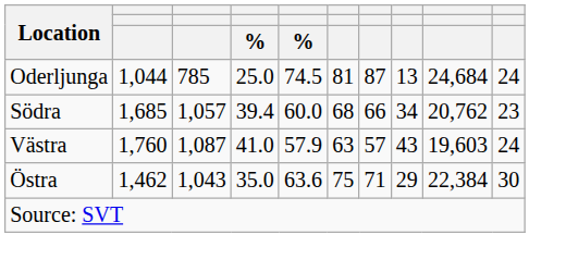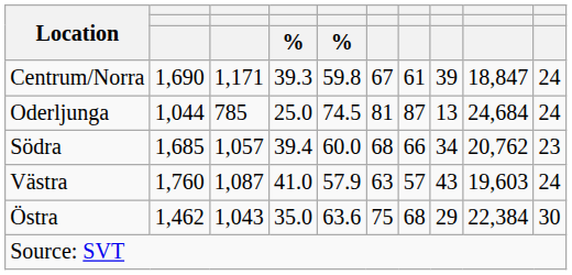 <table role="presentation" class="wikitable sortable mw-collapsible">
 <tr>
 <th rowspan="3">Location</th>
 <th></th>
 <th></th>
 <th></th>
 <th></th>
 <th></th>
 <th></th>
 <th></th>
 <th></th>
 <th></th>
 </tr>
 <tr>
 <th></th>
 <th></th>
 <th style="background:"></th>
 <th style="background:"></th>
 <th></th>
 <th></th>
 <th></th>
 <th></th>
 <th></th>
 </tr>
 <tr>
 <th data-sort-type="number"></th>
 <th data-sort-type="number"></th>
 <th data-sort-type="number">%</th>
 <th data-sort-type="number">%</th>
 <th data-sort-type="number"></th>
 <th data-sort-type="number"></th>
 <th data-sort-type="number"></th>
 <th data-sort-type="number"></th>
 <th data-sort-type="number"></th>
+</tr>
+<tr>
+<td align="left">Centrum/Norra</td>
+<td>1,690</td>
+<td>1,171</td>
+<td>39.3</td>
+<td>59.8</td>
+<td>67</td>
+<td>61</td>
+<td>39</td>
+<td>18,847</td>
+<td>24</td>
 </tr>
 <tr>
 <td align="left">Oderljunga</td>
 <td>1,044</td>
 <td>785</td>
 <td>25.0</td>
 <td>74.5</td>
 <td>81</td>
 <td>87</td>
 <td>13</td>
 <td>24,684</td>
 <td>24</td>
 </tr>
 <tr>
 <td align="left">Södra</td>
 <td>1,685</td>
 <td>1,057</td>
 <td>39.4</td>
 <td>60.0</td>
 <td>68</td>
 <td>66</td>
 <td>34</td>
 <td>20,762</td>
 <td>23</td>
 </tr>
 <tr>
 <td align="left">Västra</td>
 <td>1,760</td>
 <td>1,087</td>
 <td>41.0</td>
 <td>57.9</td>
 <td>63</td>
 <td>57</td>
 <td>43</td>
 <td>19,603</td>
 <td>24</td>
 </tr>
 <tr>
 <td align="left">Östra</td>
 <td>1,462</td>
 <td>1,043</td>
 <td>35.0</td>
 <td>63.6</td>
 <td>75</td>
-<td>71</td>
+<td>68</td>
 <td>29</td>
 <td>22,384</td>
 <td>30</td>
 </tr>
 <tr>
 <td colspan="10" align="left">Source: <a href='#'>SVT</a></td>
 </tr>
 </table>
